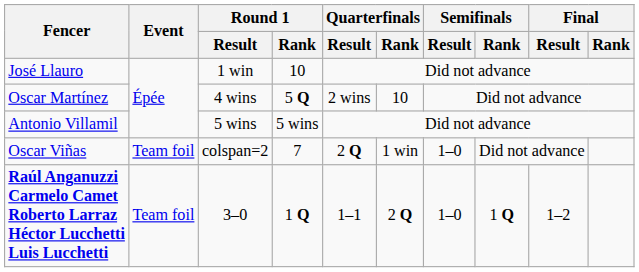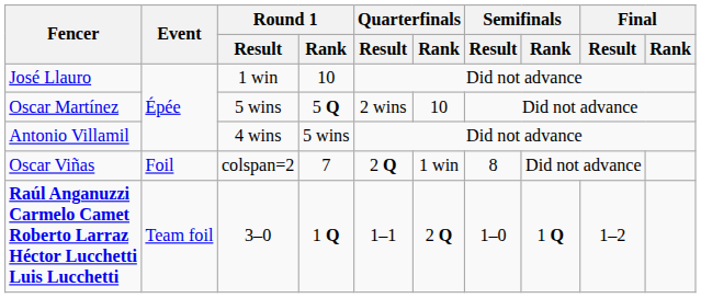 <table class=wikitable style="font-size:90%">
 <tr>
 <th rowspan=2>Fencer</th>
 <th rowspan=2>Event</th>
 <th colspan=2>Round 1</th>
 <th colspan=2>Quarterfinals</th>
 <th colspan=2>Semifinals</th>
 <th colspan=2>Final</th>
 </tr>
 <tr>
 <th>Result</th>
 <th>Rank</th>
 <th>Result</th>
 <th>Rank</th>
 <th>Result</th>
 <th>Rank</th>
 <th>Result</th>
 <th>Rank</th>
 </tr>
 <tr>
 <td><a href='#'>José Llauro</a></td>
 <td rowspan=3><a href='#'>Épée</a></td>
 <td align=center>1 win</td>
 <td align=center>10</td>
 <td align=center colspan=6>Did not advance</td>
 </tr>
 <tr>
 <td><a href='#'>Oscar Martínez</a></td>
-<td align=center>4 wins</td>
+<td align=center>5 wins</td>
 <td align=center>5 <strong>Q</strong></td>
 <td align=center>2 wins</td>
 <td align=center>10</td>
 <td align=center colspan=4>Did not advance</td>
 </tr>
 <tr>
 <td><a href='#'>Antonio Villamil</a></td>
-<td align=center>5 wins</td>
+<td align=center>4 wins</td>
 <td align=center>5 wins</td>
 <td align=center colspan=6>Did not advance</td>
 </tr>
 <tr>
 <td><a href='#'>Oscar Viñas</a></td>
-<td><a href='#'>Team foil</a></td>
+<td><a href='#'>Foil</a></td>
 <td>colspan=2 </td>
 <td align=center>7</td>
 <td align=center>2 <strong>Q</strong></td>
 <td align=center>1 win</td>
-<td align=center>1–0</td>
+<td align=center>8</td>
 <td align=center colspan=2>Did not advance</td>
 </tr>
 <tr>
 <td><strong><a href='#'>Raúl Anganuzzi</a> <br> <a href='#'>Carmelo Camet</a> <br> <a href='#'>Roberto Larraz</a> <br> <a href='#'>Héctor Lucchetti</a> <br> <a href='#'>Luis Lucchetti</a></strong></td>
 <td><a href='#'>Team foil</a></td>
 <td align=center>3–0</td>
 <td align=center>1 <strong>Q</strong></td>
 <td align=center>1–1</td>
 <td align=center>2 <strong>Q</strong></td>
 <td align=center>1–0</td>
 <td align=center>1 <strong>Q</strong></td>
 <td align=center>1–2</td>
 <td align=center></td>
 </tr>
 </table>
